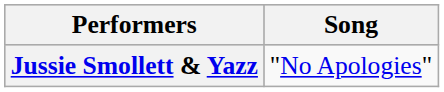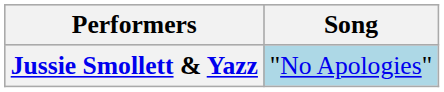 <table class="wikitable unsortable" style="text-align:center;">
 <tr>
 <th scope="col">Performers</th>
 <th scope="col">Song</th>
 </tr>
 <tr>
 <th scope="row"><a href='#'>Jussie Smollett</a> & <a href='#'>Yazz</a></th>
-<td>"<a href='#'>No Apologies</a>"</td>
+<td style="background: lightblue;">"<a href='#'>No Apologies</a>"</td>
 </tr>
 </table>
